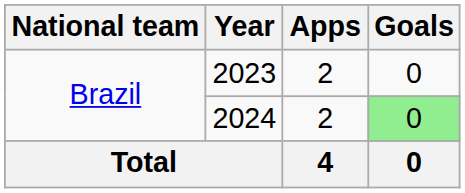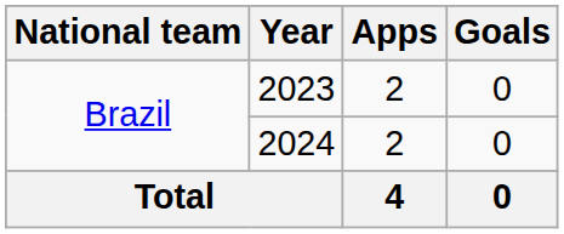 <table class="wikitable" style="text-align:center">
 <tr>
 <th>National team</th>
 <th>Year</th>
 <th>Apps</th>
 <th>Goals</th>
 </tr>
 <tr>
 <td rowspan="2"><a href='#'>Brazil</a></td>
 <td>2023</td>
 <td>2</td>
 <td>0</td>
 </tr>
 <tr>
 <td>2024</td>
 <td>2</td>
-<td style="background: lightgreen;">0</td>
+<td>0</td>
 </tr>
 <tr>
 <th colspan="2">Total</th>
 <th>4</th>
 <th>0</th>
 </tr>
 </table>
